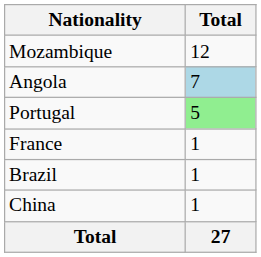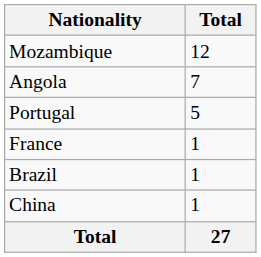 <table class="wikitable">
 <tr>
 <th style="width:141px;" scope="col">Nationality</th>
 <th style="width:50px;" scope="col">Total</th>
 </tr>
 <tr>
 <td>Mozambique</td>
 <td>12</td>
 </tr>
 <tr>
 <td>Angola</td>
-<td style="background: lightblue;">7</td>
+<td>7</td>
 </tr>
 <tr>
 <td>Portugal</td>
-<td style="background: lightgreen;">5</td>
+<td>5</td>
 </tr>
 <tr>
 <td>France</td>
 <td>1</td>
 </tr>
 <tr>
 <td>Brazil</td>
 <td>1</td>
 </tr>
 <tr>
 <td>China</td>
 <td>1</td>
 </tr>
 <tr>
 <th>Total</th>
 <th>27</th>
 </tr>
 </table>
